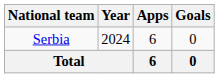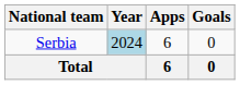 <table class="wikitable" style="text-align:center">
 <tr>
 <th>National team</th>
 <th>Year</th>
 <th>Apps</th>
 <th>Goals</th>
 </tr>
 <tr>
 <td rowspan="1"><a href='#'>Serbia</a></td>
-<td>2024</td>
+<td style="background: lightblue;">2024</td>
 <td>6</td>
 <td>0</td>
 </tr>
 <tr>
 <th colspan="2">Total</th>
 <th>6</th>
 <th>0</th>
 </tr>
 </table>
